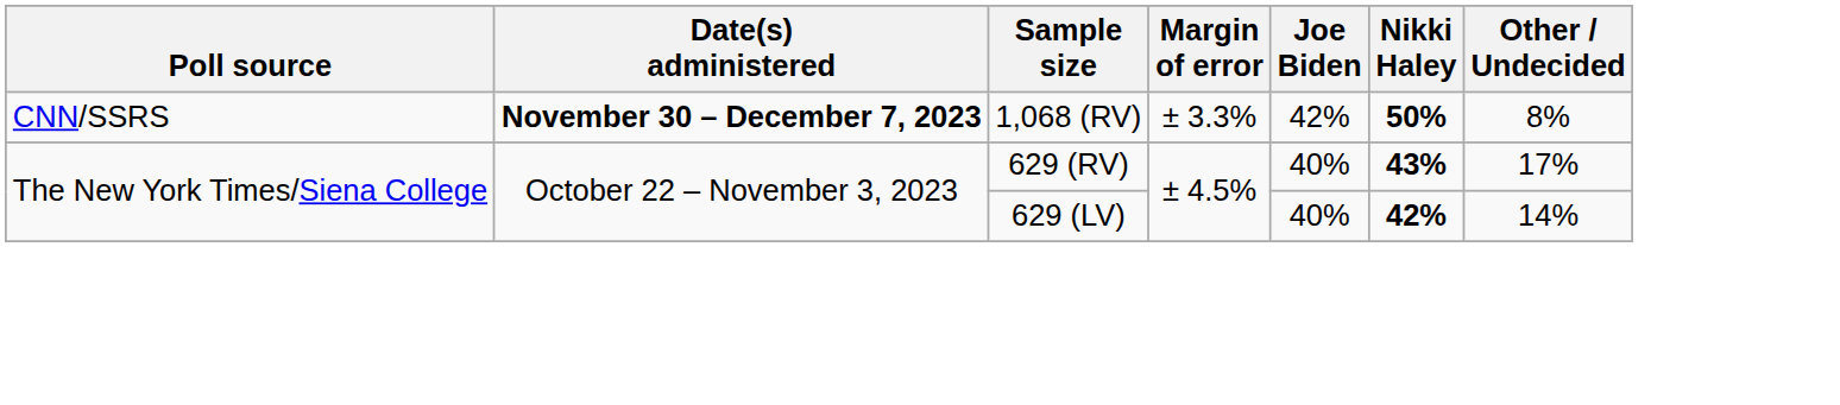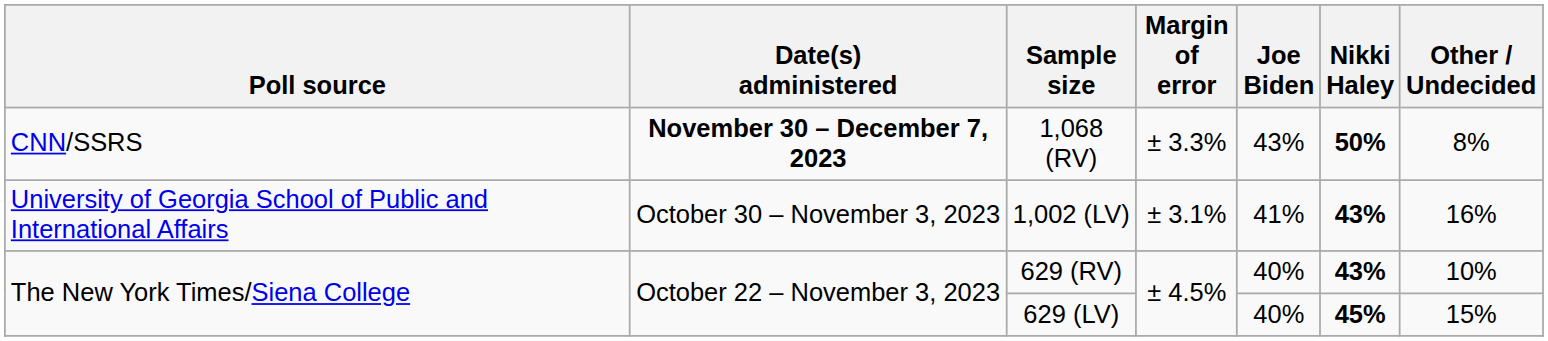 <table class="wikitable sortable mw-datatable" style="font-size:90%;text-align:center;line-height:17px">
 <tr valign=bottom>
 <th>Poll source</th>
 <th>Date(s)<br>administered</th>
 <th>Sample<br>size</th>
 <th>Margin<br>of error</th>
 <th class="unsortable">Joe<br>Biden<br></th>
 <th class="unsortable">Nikki<br>Haley<br></th>
 <th class="unsortable">Other /<br>Undecided</th>
 </tr>
 <tr>
 <td style="text-align:left;"><a href='#'>CNN</a>/SSRS</td>
 <td data-sort-value="2023-11-09"><strong>November 30 – December 7, 2023</strong></td>
 <td>1,068 (RV)</td>
 <td>± 3.3%</td>
-<td>42%</td>
+<td>43%</td>
 <td style="background-color:"><strong>50%</strong></td>
 <td>8%</td>
+</tr>
+<tr>
+<td style="text-align:left;"><a href='#'>University of Georgia School of Public and International Affairs</a></td>
+<td data-sort-value=2023-11-05>October 30 – November 3, 2023</td>
+<td>1,002 (LV)</td>
+<td>± 3.1%</td>
+<td>41%</td>
+<td style="background-color:"><strong>43%</strong></td>
+<td>16%</td>
 </tr>
 <tr>
 <td style="text-align:left;" rowspan="2">The New York Times/<a href='#'>Siena College</a></td>
 <td rowspan="2">October 22 – November 3, 2023</td>
 <td>629 (RV)</td>
 <td rowspan="2">± 4.5%</td>
 <td>40%</td>
 <td style="background-color:"><strong>43%</strong></td>
-<td>17%</td>
+<td>10%</td>
 </tr>
 <tr>
 <td>629 (LV)</td>
 <td>40%</td>
-<td style="background-color:"><strong>42%</strong></td>
-<td>14%</td>
+<td style="background-color:"><strong>45%</strong></td>
+<td>15%</td>
 </tr>
 </table>
